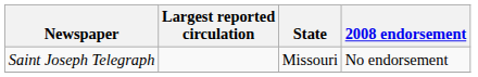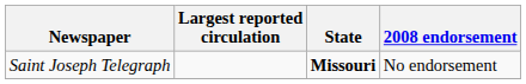 <table class="wikitable sortable">
 <tr valign=bottom>
 <th>Newspaper</th>
 <th>Largest reported<br>circulation</th>
 <th>State</th>
 <th><a href='#'>2008 endorsement</a></th>
 </tr>
 <tr>
 <td><em>Saint Joseph Telegraph</em></td>
 <td></td>
-<td>Missouri</td>
+<td><strong>Missouri</strong></td>
 <td>No endorsement</td>
 </tr>
 <tr>
 </tr>
 </table>
